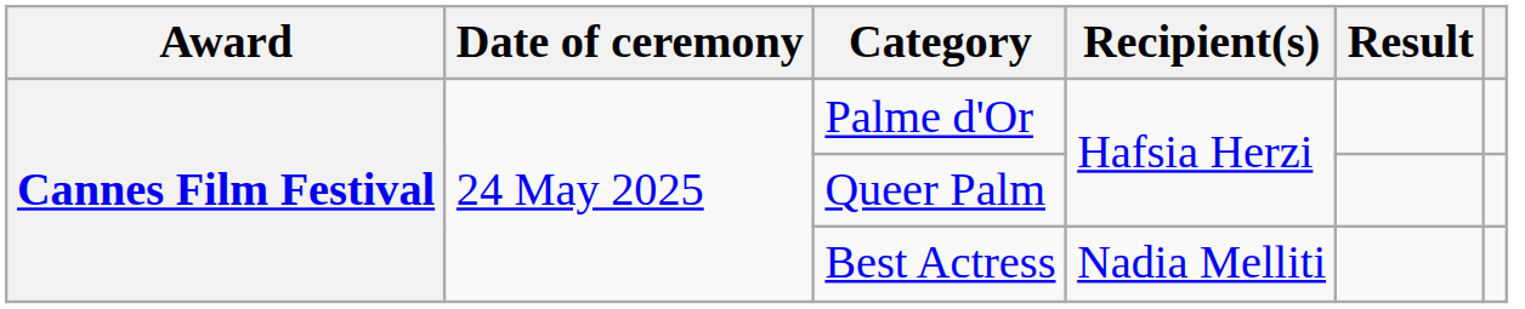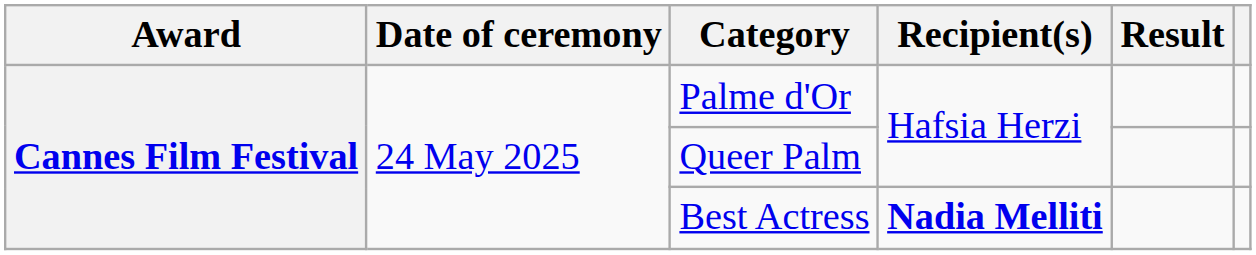 <table class="wikitable sortable plainrowheaders">
 <tr>
 <th scope="col">Award</th>
 <th scope="col">Date of ceremony</th>
 <th scope="col">Category</th>
 <th scope="col">Recipient(s)</th>
 <th scope="col">Result</th>
 <th scope="col" class="unsortable"></th>
 </tr>
 <tr>
 <th rowspan="3" scope="row"><a href='#'>Cannes Film Festival</a></th>
 <td rowspan="3"><a href='#'>24 May 2025</a></td>
 <td><a href='#'>Palme d'Or</a></td>
 <td rowspan="2"><a href='#'>Hafsia Herzi</a></td>
 <td></td>
 <td align="center"></td>
 </tr>
 <tr>
 <td><a href='#'>Queer Palm</a></td>
 <td></td>
 <td align="center"></td>
 </tr>
 <tr>
 <td><a href='#'>Best Actress</a></td>
-<td><a href='#'>Nadia Melliti</a></td>
+<td><strong><a href='#'>Nadia Melliti</a></strong></td>
 <td></td>
 <td align="center"></td>
 </tr>
 </table>
